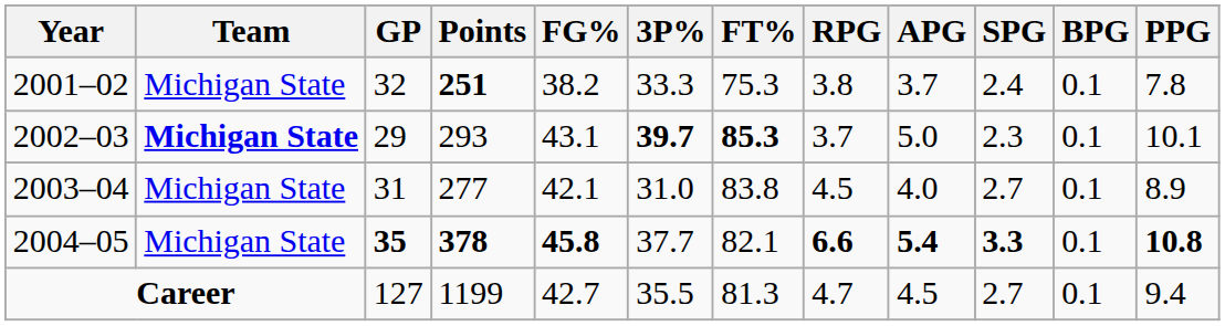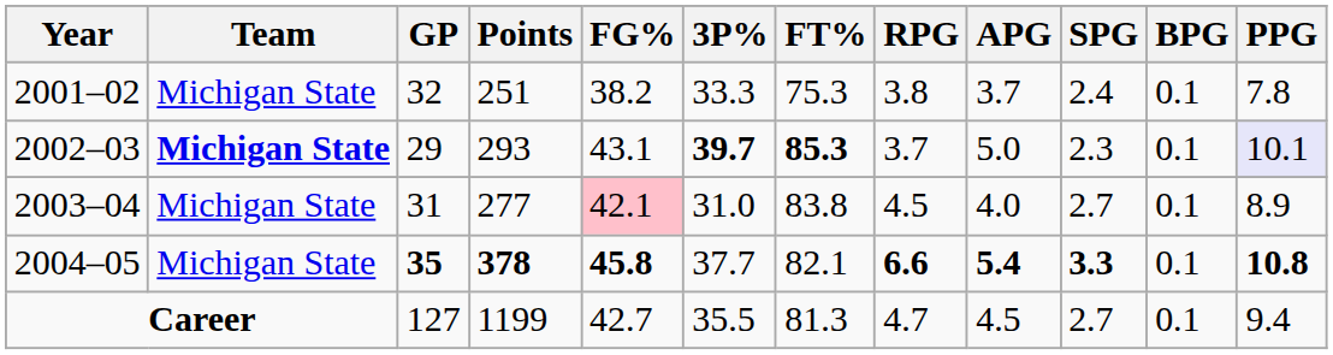 <table class="wikitable sortable">
 <tr>
 <th>Year</th>
 <th>Team</th>
 <th>GP</th>
 <th>Points</th>
 <th>FG%</th>
 <th>3P%</th>
 <th>FT%</th>
 <th>RPG</th>
 <th>APG</th>
 <th>SPG</th>
 <th>BPG</th>
 <th>PPG</th>
 </tr>
 <tr>
 <td>2001–02</td>
 <td><a href='#'>Michigan State</a></td>
 <td>32</td>
-<td><strong>251</strong></td>
+<td>251</td>
 <td>38.2</td>
 <td>33.3</td>
 <td>75.3</td>
 <td>3.8</td>
 <td>3.7</td>
 <td>2.4</td>
 <td>0.1</td>
 <td>7.8</td>
 </tr>
 <tr>
 <td>2002–03</td>
 <td><strong><a href='#'>Michigan State</a></strong></td>
 <td>29</td>
 <td>293</td>
 <td>43.1</td>
 <td><strong>39.7</strong></td>
 <td><strong>85.3</strong></td>
 <td>3.7</td>
 <td>5.0</td>
 <td>2.3</td>
 <td>0.1</td>
-<td>10.1</td>
+<td style="background: lavender;">10.1</td>
 </tr>
 <tr>
 <td>2003–04</td>
 <td><a href='#'>Michigan State</a></td>
 <td>31</td>
 <td>277</td>
-<td>42.1</td>
+<td style="background: pink;">42.1</td>
 <td>31.0</td>
 <td>83.8</td>
 <td>4.5</td>
 <td>4.0</td>
 <td>2.7</td>
 <td>0.1</td>
 <td>8.9</td>
 </tr>
 <tr>
 <td>2004–05</td>
 <td><a href='#'>Michigan State</a></td>
 <td><strong>35</strong></td>
 <td><strong>378</strong></td>
 <td><strong>45.8</strong></td>
 <td>37.7</td>
 <td>82.1</td>
 <td><strong>6.6</strong></td>
 <td><strong>5.4</strong></td>
 <td><strong>3.3</strong></td>
 <td>0.1</td>
 <td><strong>10.8</strong></td>
 </tr>
 <tr class="sortbottom">
 <td colspan=2 align=center><strong>Career</strong></td>
 <td>127</td>
 <td>1199</td>
 <td>42.7</td>
 <td>35.5</td>
 <td>81.3</td>
 <td>4.7</td>
 <td>4.5</td>
 <td>2.7</td>
 <td>0.1</td>
 <td>9.4</td>
 </tr>
 </table>
